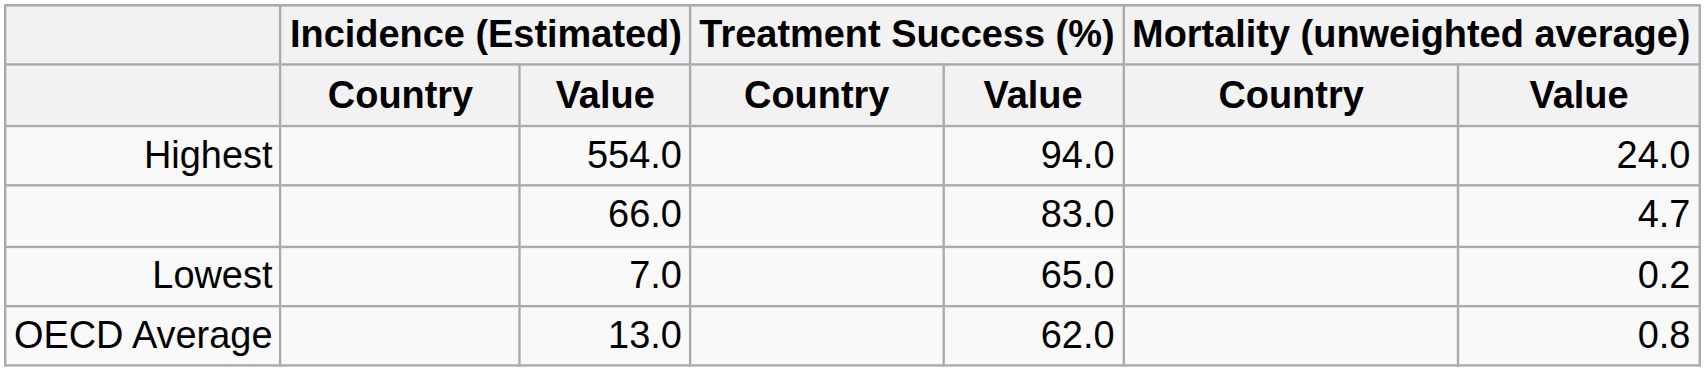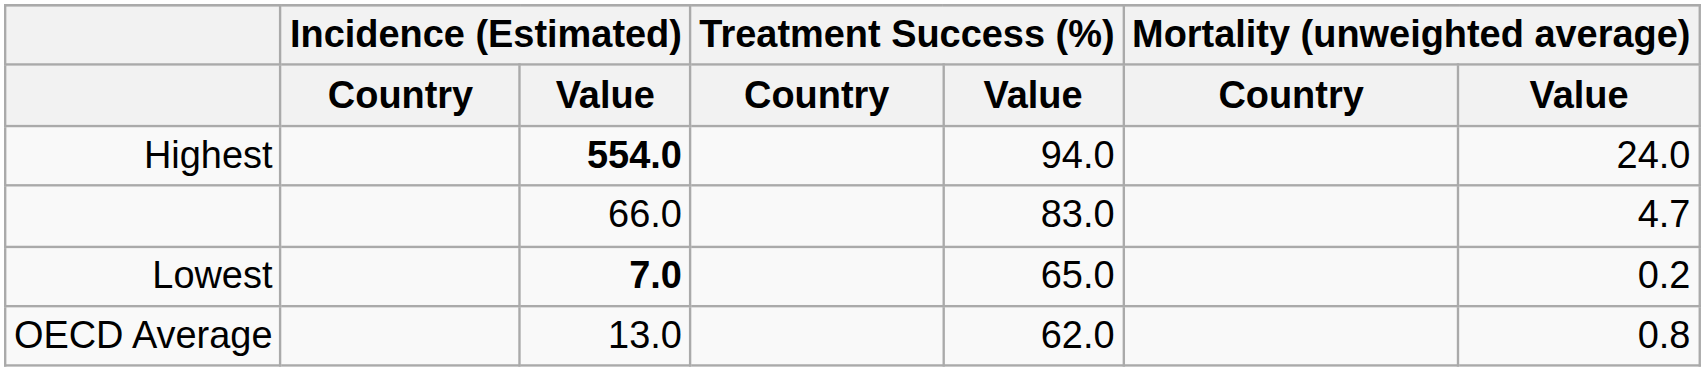 <table class="wikitable floatleft" style=text-align:right>
 <tr>
 </tr>
 <tr>
 <th></th>
 <th colspan="2">Incidence (Estimated)</th>
 <th colspan="2">Treatment Success (%)</th>
 <th colspan="2">Mortality (unweighted average)</th>
 </tr>
 <tr>
 <th></th>
 <th>Country</th>
 <th>Value</th>
 <th>Country</th>
 <th>Value</th>
 <th>Country</th>
 <th>Value</th>
 </tr>
 <tr>
 <td>Highest</td>
 <td style="text-align:left"></td>
-<td>554.0</td>
+<td><strong>554.0</strong></td>
 <td style="text-align:left"></td>
 <td>94.0</td>
 <td style="text-align:left"></td>
 <td>24.0</td>
 </tr>
 <tr>
 <td></td>
 <td style="text-align:left"></td>
 <td>66.0</td>
 <td style="text-align:left"></td>
 <td>83.0</td>
 <td style="text-align:left"></td>
 <td>4.7</td>
 </tr>
 <tr>
 <td>Lowest</td>
 <td style="text-align:left"></td>
-<td>7.0</td>
+<td><strong>7.0</strong></td>
 <td style="text-align:left"></td>
 <td>65.0</td>
 <td style="text-align:left"></td>
 <td>0.2</td>
 </tr>
 <tr>
 <td>OECD Average</td>
 <td style="text-align:left"></td>
 <td>13.0</td>
 <td style="text-align:left"></td>
 <td>62.0</td>
 <td style="text-align:left"></td>
 <td>0.8</td>
 </tr>
 </table>
